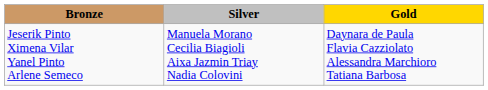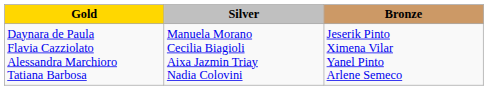 <table class="wikitable" style="text-align:left">
 <tr align="center">
+<td width=200 bgcolor=gold><strong>Gold</strong></td>
+<td width=200 bgcolor=silver><strong>Silver</strong></td>
 <td width=200 bgcolor=CC9966><strong>Bronze</strong></td>
-<td width=200 bgcolor=silver><strong>Silver</strong></td>
-<td width=200 bgcolor=gold><strong>Gold</strong></td>
 </tr>
 <tr>
+<td><a href='#'>Daynara de Paula</a><br><a href='#'>Flavia Cazziolato</a><br><a href='#'>Alessandra Marchioro</a><br><a href='#'>Tatiana Barbosa</a><br><em></em></td>
+<td><a href='#'>Manuela Morano</a><br><a href='#'>Cecilia Biagioli</a><br><a href='#'>Aixa Jazmin Triay</a><br><a href='#'>Nadia Colovini</a><br><em></em></td>
 <td><a href='#'>Jeserik Pinto</a><br><a href='#'>Ximena Vilar</a><br><a href='#'>Yanel Pinto</a><br><a href='#'>Arlene Semeco</a><br><em></em></td>
-<td><a href='#'>Manuela Morano</a><br><a href='#'>Cecilia Biagioli</a><br><a href='#'>Aixa Jazmin Triay</a><br><a href='#'>Nadia Colovini</a><br><em></em></td>
-<td><a href='#'>Daynara de Paula</a><br><a href='#'>Flavia Cazziolato</a><br><a href='#'>Alessandra Marchioro</a><br><a href='#'>Tatiana Barbosa</a><br><em></em></td>
 </tr>
 </table>
